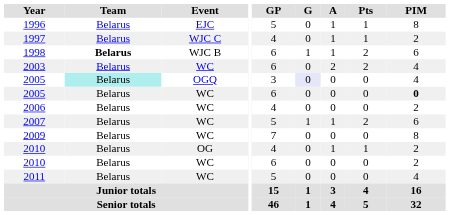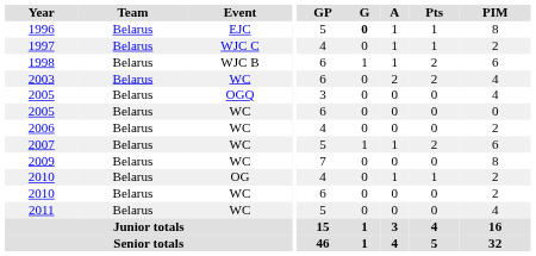 <table border="0" cellpadding="1" cellspacing="0" style="text-align:center; width:40em">
 <tr bgcolor="#e0e0e0">
 <th>Year</th>
 <th>Team</th>
 <th>Event</th>
 <th rowspan="99" bgcolor="#ffffff"></th>
 <th>GP</th>
 <th>G</th>
 <th>A</th>
 <th>Pts</th>
 <th>PIM</th>
 </tr>
 <tr>
 <td><a href='#'>1996</a></td>
 <td><a href='#'>Belarus</a></td>
 <td><a href='#'>EJC</a></td>
 <td>5</td>
-<td>0</td>
+<td><strong>0</strong></td>
 <td>1</td>
 <td>1</td>
 <td>8</td>
 </tr>
 <tr bgcolor="#f0f0f0">
 <td><a href='#'>1997</a></td>
 <td><a href='#'>Belarus</a></td>
 <td><a href='#'>WJC C</a></td>
 <td>4</td>
 <td>0</td>
 <td>1</td>
 <td>1</td>
 <td>2</td>
 </tr>
 <tr>
 <td><a href='#'>1998</a></td>
-<td><strong>Belarus</strong></td>
+<td>Belarus</td>
 <td>WJC B</td>
 <td>6</td>
 <td>1</td>
 <td>1</td>
 <td>2</td>
 <td>6</td>
 </tr>
 <tr bgcolor="#f0f0f0">
 <td><a href='#'>2003</a></td>
 <td><a href='#'>Belarus</a></td>
 <td><a href='#'>WC</a></td>
 <td>6</td>
 <td>0</td>
 <td>2</td>
 <td>2</td>
 <td>4</td>
 </tr>
 <tr>
 <td><a href='#'>2005</a></td>
-<td style="background: paleturquoise;">Belarus</td>
+<td>Belarus</td>
 <td><a href='#'>OGQ</a></td>
 <td>3</td>
-<td style="background: lavender;">0</td>
+<td>0</td>
 <td>0</td>
 <td>0</td>
 <td>4</td>
 </tr>
 <tr bgcolor="#f0f0f0">
 <td><a href='#'>2005</a></td>
 <td>Belarus</td>
 <td>WC</td>
 <td>6</td>
 <td>0</td>
 <td>0</td>
 <td>0</td>
-<td><strong>0</strong></td>
+<td>0</td>
 </tr>
 <tr>
 <td><a href='#'>2006</a></td>
 <td>Belarus</td>
 <td>WC</td>
 <td>4</td>
 <td>0</td>
 <td>0</td>
 <td>0</td>
 <td>2</td>
 </tr>
 <tr bgcolor="#f0f0f0">
 <td><a href='#'>2007</a></td>
 <td>Belarus</td>
 <td>WC</td>
 <td>5</td>
 <td>1</td>
 <td>1</td>
 <td>2</td>
 <td>6</td>
 </tr>
 <tr>
 <td><a href='#'>2009</a></td>
 <td>Belarus</td>
 <td>WC</td>
 <td>7</td>
 <td>0</td>
 <td>0</td>
 <td>0</td>
 <td>8</td>
 </tr>
 <tr bgcolor="#f0f0f0">
 <td><a href='#'>2010</a></td>
 <td>Belarus</td>
 <td>OG</td>
 <td>4</td>
 <td>0</td>
 <td>1</td>
 <td>1</td>
 <td>2</td>
 </tr>
 <tr>
 <td><a href='#'>2010</a></td>
 <td>Belarus</td>
 <td>WC</td>
 <td>6</td>
 <td>0</td>
 <td>0</td>
 <td>0</td>
 <td>2</td>
 </tr>
 <tr bgcolor="#f0f0f0">
 <td><a href='#'>2011</a></td>
 <td>Belarus</td>
 <td>WC</td>
 <td>5</td>
 <td>0</td>
 <td>0</td>
 <td>0</td>
 <td>4</td>
 </tr>
 <tr bgcolor="#e0e0e0">
 <th colspan="3">Junior totals</th>
 <th>15</th>
 <th>1</th>
 <th>3</th>
 <th>4</th>
 <th>16</th>
 </tr>
 <tr bgcolor="#e0e0e0">
 <th colspan="3">Senior totals</th>
 <th>46</th>
 <th>1</th>
 <th>4</th>
 <th>5</th>
 <th>32</th>
 </tr>
 </table>
